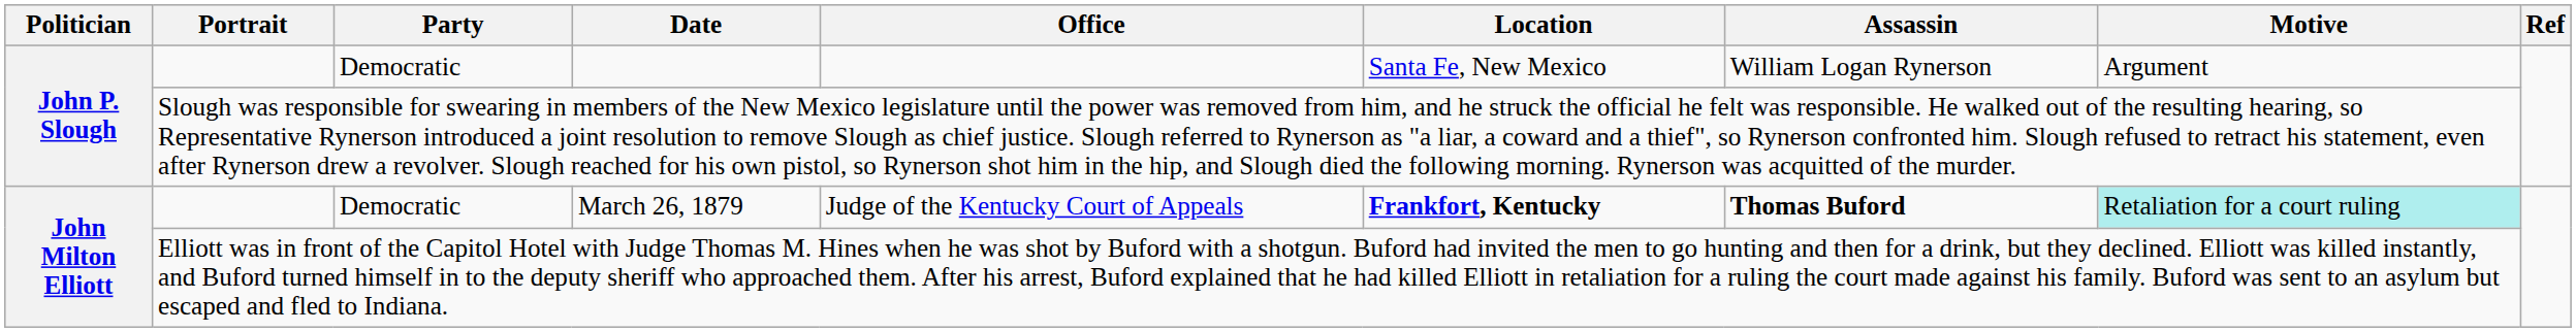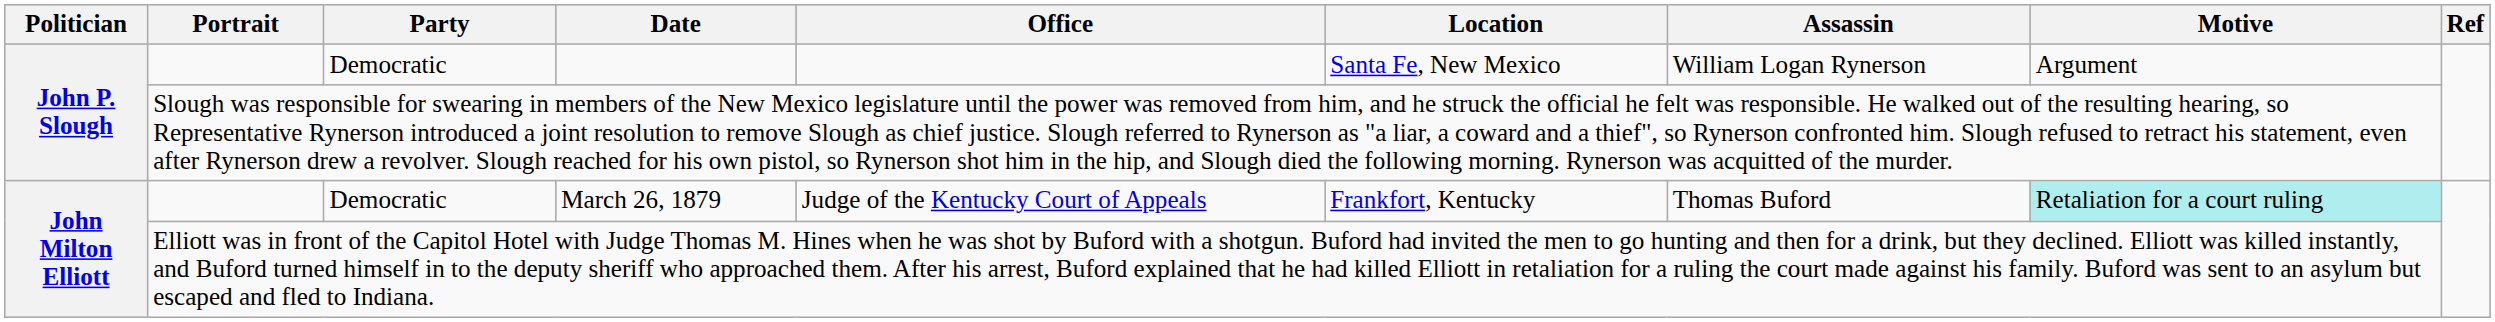 <table class="wikitable" style="width:100%;">
 <tr>
 <th>Politician</th>
 <th>Portrait</th>
 <th>Party</th>
 <th>Date</th>
 <th>Office</th>
 <th>Location</th>
 <th>Assassin</th>
 <th>Motive</th>
 <th>Ref</th>
 </tr>
 <tr>
 <th rowspan="2"><a href='#'>John P. Slough</a></th>
 <td></td>
 <td>Democratic</td>
 <td></td>
 <td></td>
 <td><a href='#'>Santa Fe</a>, New Mexico</td>
 <td>William Logan Rynerson</td>
 <td>Argument</td>
 <td rowspan="2"></td>
 </tr>
 <tr class="expand-child">
 <td colspan="7">Slough was responsible for swearing in members of the New Mexico legislature until the power was removed from him, and he struck the official he felt was responsible. He walked out of the resulting hearing, so Representative Rynerson introduced a joint resolution to remove Slough as chief justice. Slough referred to Rynerson as "a liar, a coward and a thief", so Rynerson confronted him. Slough refused to retract his statement, even after Rynerson drew a revolver. Slough reached for his own pistol, so Rynerson shot him in the hip, and Slough died the following morning. Rynerson was acquitted of the murder.</td>
 </tr>
 <tr>
 <th rowspan="2"><a href='#'>John Milton Elliott</a></th>
 <td></td>
 <td>Democratic</td>
 <td>March 26, 1879</td>
 <td>Judge of the <a href='#'>Kentucky Court of Appeals</a></td>
-<td><strong><a href='#'>Frankfort</a>, Kentucky</strong></td>
-<td><strong>Thomas Buford</strong></td>
+<td><a href='#'>Frankfort</a>, Kentucky</td>
+<td>Thomas Buford</td>
 <td style="background: paleturquoise;">Retaliation for a court ruling</td>
 <td rowspan="2"></td>
 </tr>
 <tr class="expand-child">
 <td colspan="7">Elliott was in front of the Capitol Hotel with Judge Thomas M. Hines when he was shot by Buford with a shotgun. Buford had invited the men to go hunting and then for a drink, but they declined. Elliott was killed instantly, and Buford turned himself in to the deputy sheriff who approached them. After his arrest, Buford explained that he had killed Elliott in retaliation for a ruling the court made against his family. Buford was sent to an asylum but escaped and fled to Indiana.</td>
 </tr>
 </table>
